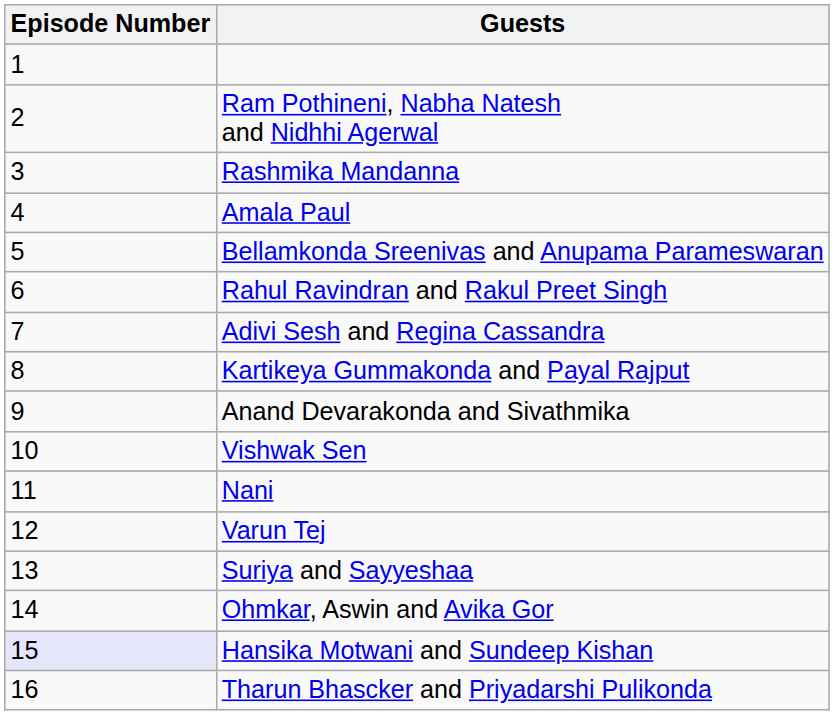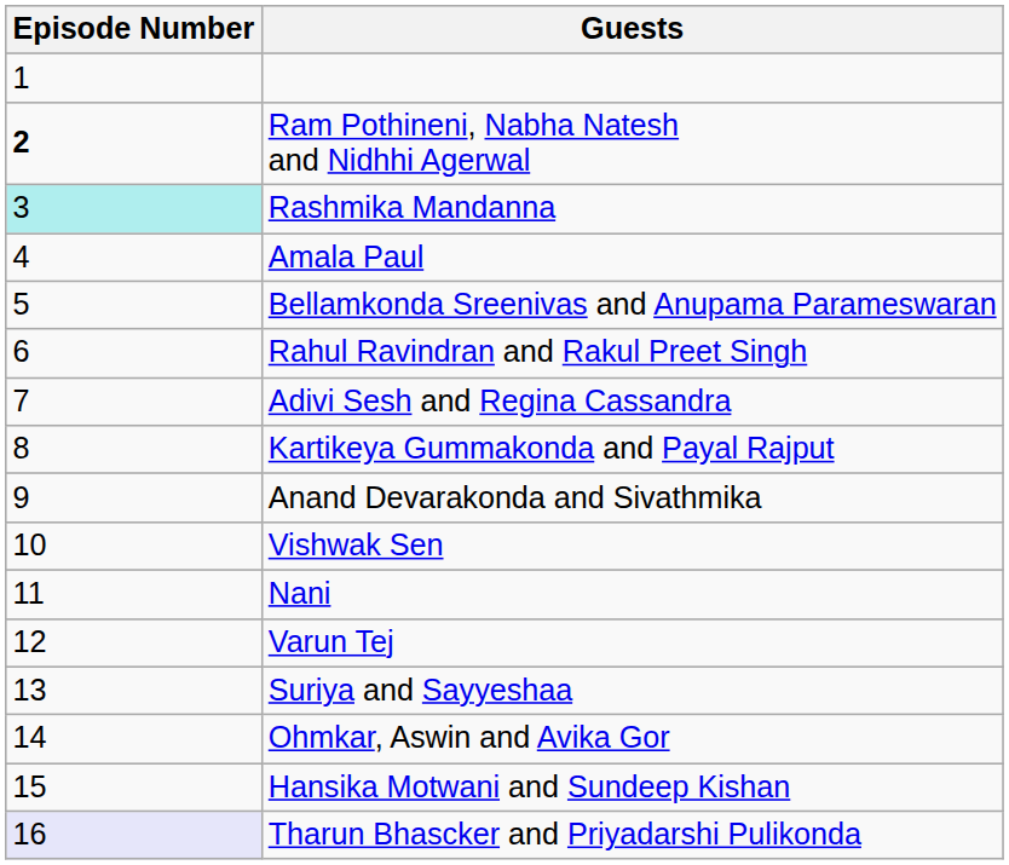 <table class="wikitable">
 <tr>
 <th>Episode Number</th>
 <th>Guests</th>
 </tr>
 <tr>
 <td>1</td>
 <td></td>
 </tr>
 <tr>
-<td>2</td>
+<td><strong>2</strong></td>
 <td><a href='#'>Ram Pothineni</a>, <a href='#'>Nabha Natesh</a><br>and <a href='#'>Nidhhi Agerwal</a></td>
 </tr>
 <tr>
-<td>3</td>
+<td style="background: paleturquoise;">3</td>
 <td><a href='#'>Rashmika Mandanna</a></td>
 </tr>
 <tr>
 <td>4</td>
 <td><a href='#'>Amala Paul</a></td>
 </tr>
 <tr>
 <td>5</td>
 <td><a href='#'>Bellamkonda Sreenivas</a> and <a href='#'>Anupama Parameswaran</a></td>
 </tr>
 <tr>
 <td>6</td>
 <td><a href='#'>Rahul Ravindran</a> and <a href='#'>Rakul Preet Singh</a></td>
 </tr>
 <tr>
 <td>7</td>
 <td><a href='#'>Adivi Sesh</a> and <a href='#'>Regina Cassandra</a></td>
 </tr>
 <tr>
 <td>8</td>
 <td><a href='#'>Kartikeya Gummakonda</a> and <a href='#'>Payal Rajput</a></td>
 </tr>
 <tr>
 <td>9</td>
 <td>Anand Devarakonda and Sivathmika</td>
 </tr>
 <tr>
 <td>10</td>
 <td><a href='#'>Vishwak Sen</a></td>
 </tr>
 <tr>
 <td>11</td>
 <td><a href='#'>Nani</a></td>
 </tr>
 <tr>
 <td>12</td>
 <td><a href='#'>Varun Tej</a></td>
 </tr>
 <tr>
 <td>13</td>
 <td><a href='#'>Suriya</a> and <a href='#'>Sayyeshaa</a></td>
 </tr>
 <tr>
 <td>14</td>
 <td><a href='#'>Ohmkar</a>, Aswin and <a href='#'>Avika Gor</a></td>
 </tr>
 <tr>
-<td style="background: lavender;">15</td>
+<td>15</td>
 <td><a href='#'>Hansika Motwani</a> and <a href='#'>Sundeep Kishan</a></td>
 </tr>
 <tr>
-<td>16</td>
+<td style="background: lavender;">16</td>
 <td><a href='#'>Tharun Bhascker</a> and <a href='#'>Priyadarshi Pulikonda</a></td>
 </tr>
 </table>
